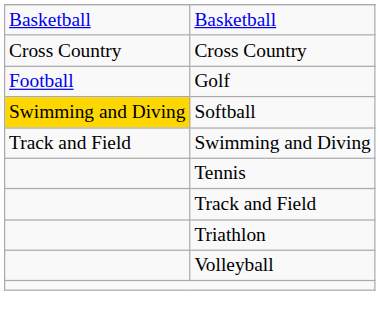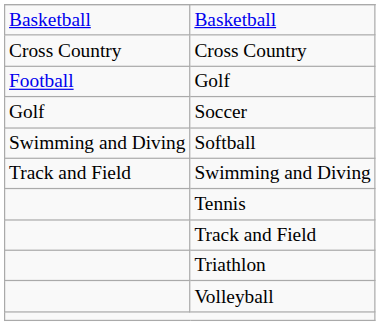 <table class="wikitable">
 <tr>
 </tr>
 <tr>
 <td><a href='#'>Basketball</a></td>
 <td><a href='#'>Basketball</a></td>
 </tr>
 <tr>
 <td>Cross Country</td>
 <td>Cross Country</td>
 </tr>
 <tr>
 <td><a href='#'>Football</a></td>
 <td>Golf</td>
 </tr>
 <tr>
-<td style="background: gold;">Swimming and Diving</td>
+<td>Golf</td>
+<td>Soccer</td>
+</tr>
+<tr>
+<td>Swimming and Diving</td>
 <td>Softball</td>
 </tr>
 <tr>
 <td>Track and Field</td>
 <td>Swimming and Diving</td>
 </tr>
 <tr>
 <td></td>
 <td>Tennis</td>
 </tr>
 <tr>
 <td></td>
 <td>Track and Field</td>
 </tr>
 <tr>
 <td></td>
 <td>Triathlon</td>
 </tr>
 <tr>
 <td></td>
 <td>Volleyball</td>
 </tr>
 <tr>
 <td colspan="2"></td>
 </tr>
 </table>
